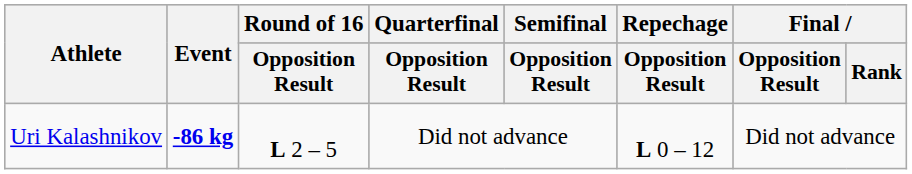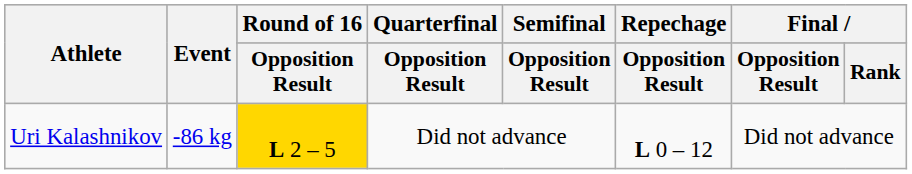 <table class="wikitable" style="font-size:90%">
 <tr>
 <th rowspan="2">Athlete</th>
 <th rowspan="2">Event</th>
 <th>Round of 16</th>
 <th>Quarterfinal</th>
 <th>Semifinal</th>
 <th>Repechage</th>
 <th colspan=2>Final / </th>
 </tr>
 <tr style="font-size: 95%">
 <th>Opposition<br>Result</th>
 <th>Opposition<br>Result</th>
 <th>Opposition<br>Result</th>
 <th>Opposition<br>Result</th>
 <th>Opposition<br>Result</th>
 <th>Rank</th>
 </tr>
 <tr align=center>
 <td align=left><a href='#'>Uri Kalashnikov</a></td>
-<td align=left><strong><a href='#'>-86 kg</a></strong></td>
-<td><br><strong>L</strong> 2 – 5</td>
+<td align=left><a href='#'>-86 kg</a></td>
+<td style="background: gold;"><br><strong>L</strong> 2 – 5</td>
 <td colspan="2">Did not advance</td>
 <td><br><strong>L</strong> 0 – 12</td>
 <td colspan="2">Did not advance</td>
 </tr>
 </table>
